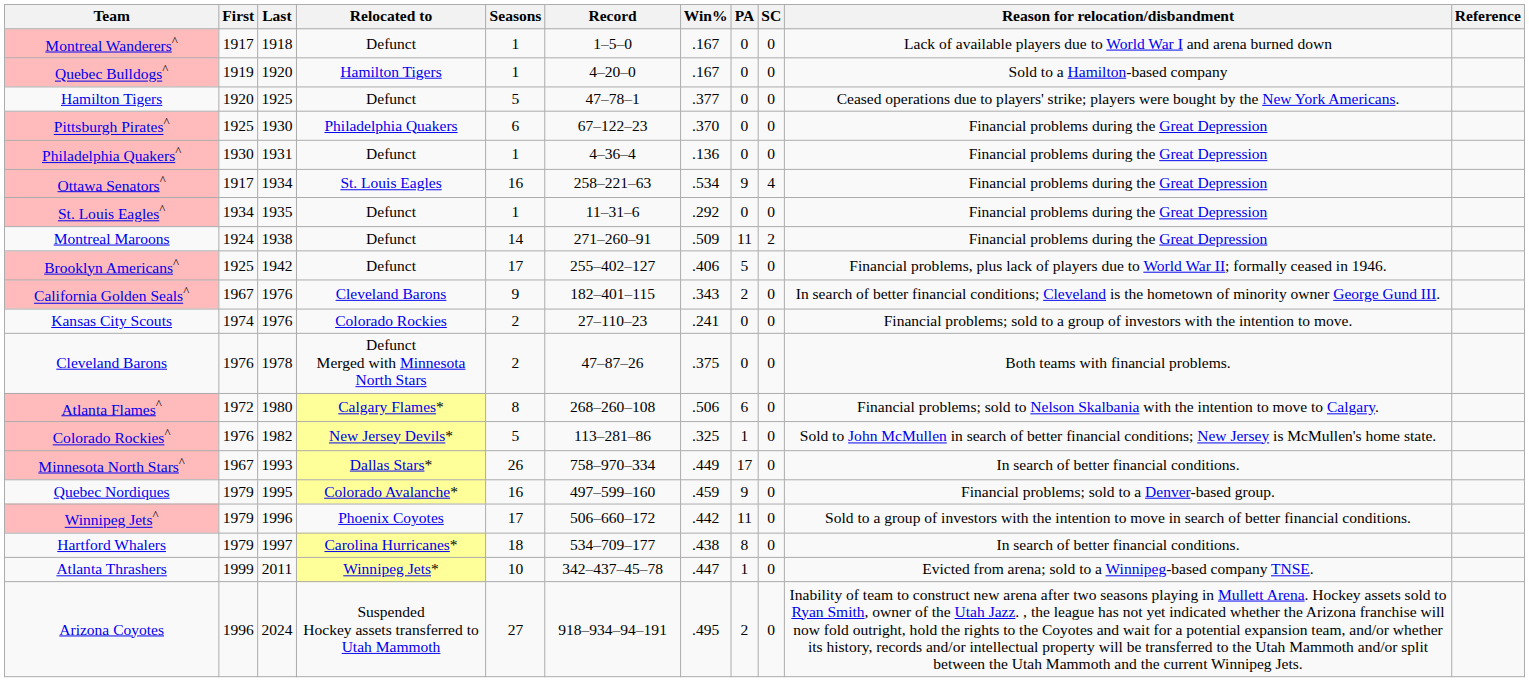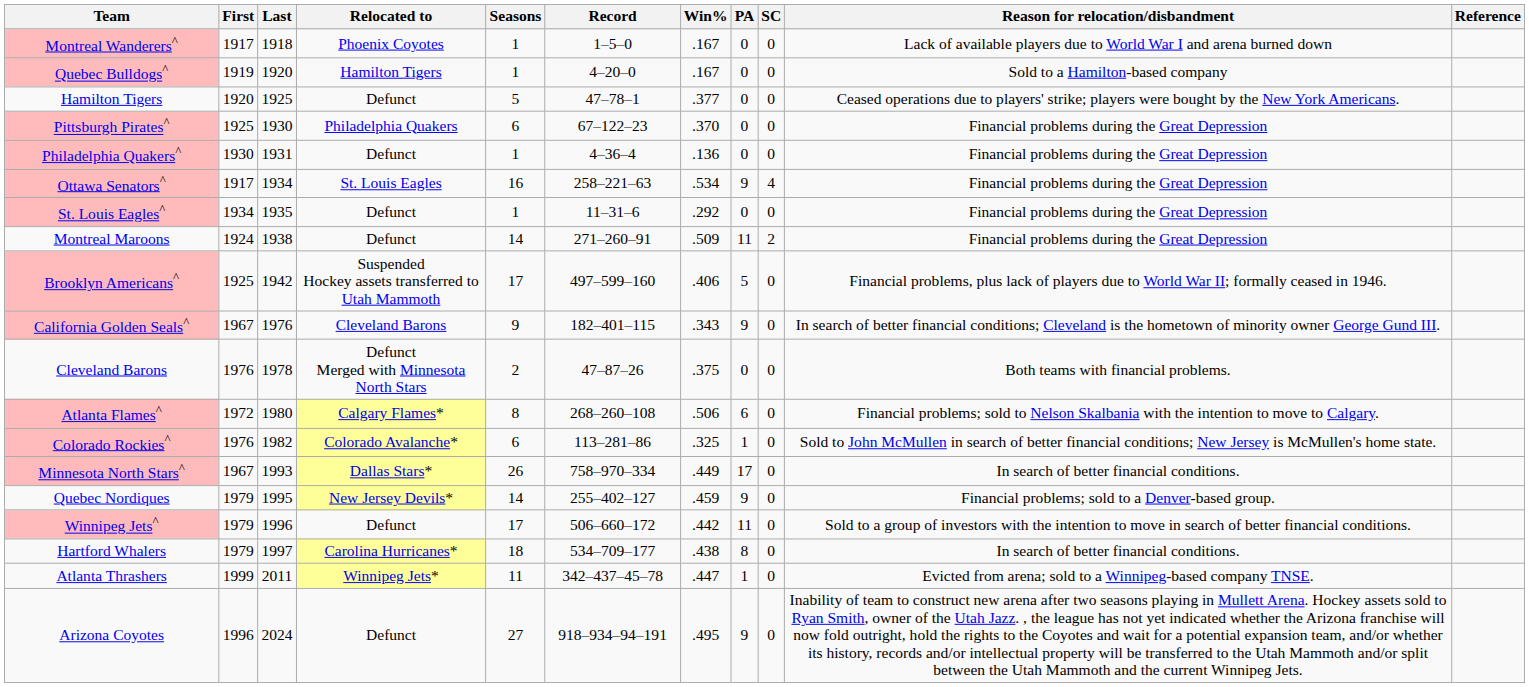 <table class="wikitable sortable" style="text-align:center;">
 <tr style="font-weight:bold; background:#ddd;"|>
 <th width="14.1%">Team</th>
 <th>First</th>
 <th>Last</th>
 <th width="12.5%">Relocated to</th>
 <th>Seasons</th>
 <th width="8.9%">Record</th>
 <th>Win%</th>
 <th>PA</th>
 <th>SC</th>
 <th class=unsortable>Reason for relocation/disbandment</th>
 <th class=unsortable>Reference</th>
 </tr>
 <tr>
 <td style="background:#fbb"><a href='#'>Montreal Wanderers</a><sup>^</sup></td>
 <td>1917</td>
 <td>1918</td>
-<td>Defunct</td>
+<td><a href='#'>Phoenix Coyotes</a></td>
 <td>1</td>
 <td>1–5–0</td>
 <td>.167</td>
 <td>0</td>
 <td>0</td>
 <td>Lack of available players due to <a href='#'>World War I</a> and arena burned down</td>
 <td></td>
 </tr>
 <tr>
 <td style="background:#fbb"><a href='#'>Quebec Bulldogs</a><sup>^</sup></td>
 <td>1919</td>
 <td>1920</td>
 <td><a href='#'>Hamilton Tigers</a></td>
 <td>1</td>
 <td>4–20–0</td>
 <td>.167</td>
 <td>0</td>
 <td>0</td>
 <td>Sold to a <a href='#'>Hamilton</a>-based company</td>
 <td></td>
 </tr>
 <tr>
 <td><a href='#'>Hamilton Tigers</a></td>
 <td>1920</td>
 <td>1925</td>
 <td>Defunct</td>
 <td>5</td>
 <td>47–78–1</td>
 <td>.377</td>
 <td>0</td>
 <td>0</td>
 <td>Ceased operations due to players' strike; players were bought by the <a href='#'>New York Americans</a>.</td>
 <td></td>
 </tr>
 <tr>
 <td style="background:#fbb"><a href='#'>Pittsburgh Pirates</a><sup>^</sup></td>
 <td>1925</td>
 <td>1930</td>
 <td><a href='#'>Philadelphia Quakers</a></td>
 <td>6</td>
 <td>67–122–23</td>
 <td>.370</td>
 <td>0</td>
 <td>0</td>
 <td>Financial problems during the <a href='#'>Great Depression</a></td>
 <td></td>
 </tr>
 <tr>
 <td style="background:#fbb"><a href='#'>Philadelphia Quakers</a><sup>^</sup></td>
 <td>1930</td>
 <td>1931</td>
 <td>Defunct</td>
 <td>1</td>
 <td>4–36–4</td>
 <td>.136</td>
 <td>0</td>
 <td>0</td>
 <td>Financial problems during the <a href='#'>Great Depression</a></td>
 <td></td>
 </tr>
 <tr>
 <td style="background:#fbb"><a href='#'>Ottawa Senators</a><sup>^</sup></td>
 <td>1917</td>
 <td>1934</td>
 <td><a href='#'>St. Louis Eagles</a></td>
 <td>16</td>
 <td>258–221–63</td>
 <td>.534</td>
 <td>9</td>
 <td>4</td>
 <td>Financial problems during the <a href='#'>Great Depression</a></td>
 <td></td>
 </tr>
 <tr>
 <td style="background:#fbb"><a href='#'>St. Louis Eagles</a><sup>^</sup></td>
 <td>1934</td>
 <td>1935</td>
 <td>Defunct</td>
 <td>1</td>
 <td>11–31–6</td>
 <td>.292</td>
 <td>0</td>
 <td>0</td>
 <td>Financial problems during the <a href='#'>Great Depression</a></td>
 <td></td>
 </tr>
 <tr>
 <td><a href='#'>Montreal Maroons</a></td>
 <td>1924</td>
 <td>1938</td>
 <td>Defunct</td>
 <td>14</td>
 <td>271–260–91</td>
 <td>.509</td>
 <td>11</td>
 <td>2</td>
 <td>Financial problems during the <a href='#'>Great Depression</a></td>
 <td></td>
 </tr>
 <tr>
 <td style="background:#fbb"><a href='#'>Brooklyn Americans</a><sup>^</sup></td>
 <td>1925</td>
 <td>1942</td>
-<td>Defunct</td>
+<td>Suspended<br>Hockey assets transferred to <a href='#'>Utah Mammoth</a></td>
 <td>17</td>
-<td>255–402–127</td>
+<td>497–599–160</td>
 <td>.406</td>
 <td>5</td>
 <td>0</td>
 <td>Financial problems, plus lack of players due to <a href='#'>World War II</a>; formally ceased in 1946.</td>
 <td></td>
 </tr>
 <tr>
 <td style="background:#fbb"><a href='#'>California Golden Seals</a><sup>^</sup></td>
 <td>1967</td>
 <td>1976</td>
 <td><a href='#'>Cleveland Barons</a></td>
 <td>9</td>
 <td>182–401–115</td>
 <td>.343</td>
-<td>2</td>
+<td>9</td>
 <td>0</td>
 <td>In search of better financial conditions; <a href='#'>Cleveland</a> is the hometown of minority owner <a href='#'>George Gund III</a>.</td>
-<td></td>
-</tr>
-<tr>
-<td><a href='#'>Kansas City Scouts</a></td>
-<td>1974</td>
-<td>1976</td>
-<td><a href='#'>Colorado Rockies</a></td>
-<td>2</td>
-<td>27–110–23</td>
-<td>.241</td>
-<td>0</td>
-<td>0</td>
-<td>Financial problems; sold to a group of investors with the intention to move.</td>
 <td></td>
 </tr>
 <tr>
 <td><a href='#'>Cleveland Barons</a></td>
 <td>1976</td>
 <td>1978</td>
 <td>Defunct<br>Merged with <a href='#'>Minnesota North Stars</a></td>
 <td>2</td>
 <td>47–87–26</td>
 <td>.375</td>
 <td>0</td>
 <td>0</td>
 <td>Both teams with financial problems.</td>
 <td></td>
 </tr>
 <tr>
 <td style="background:#fbb"><a href='#'>Atlanta Flames</a><sup>^</sup></td>
 <td>1972</td>
 <td>1980</td>
 <td style="background:#ff9;"><a href='#'>Calgary Flames</a>*</td>
 <td>8</td>
 <td>268–260–108</td>
 <td>.506</td>
 <td>6</td>
 <td>0</td>
 <td>Financial problems; sold to <a href='#'>Nelson Skalbania</a> with the intention to move to <a href='#'>Calgary</a>.</td>
 <td></td>
 </tr>
 <tr>
 <td style="background:#fbb"><a href='#'>Colorado Rockies</a><sup>^</sup></td>
 <td>1976</td>
 <td>1982</td>
-<td style="background:#ff9;"><a href='#'>New Jersey Devils</a>*</td>
-<td>5</td>
+<td style="background:#ff9;"><a href='#'>Colorado Avalanche</a>*</td>
+<td>6</td>
 <td>113–281–86</td>
 <td>.325</td>
 <td>1</td>
 <td>0</td>
 <td>Sold to <a href='#'>John McMullen</a> in search of better financial conditions; <a href='#'>New Jersey</a> is McMullen's home state.</td>
 <td></td>
 </tr>
 <tr>
 <td style="background:#fbb"><a href='#'>Minnesota North Stars</a><sup>^</sup></td>
 <td>1967</td>
 <td>1993</td>
 <td style="background:#ff9;"><a href='#'>Dallas Stars</a>*</td>
 <td>26</td>
 <td>758–970–334</td>
 <td>.449</td>
 <td>17</td>
 <td>0</td>
 <td>In search of better financial conditions.</td>
 <td></td>
 </tr>
 <tr>
 <td><a href='#'>Quebec Nordiques</a></td>
 <td>1979</td>
 <td>1995</td>
-<td style="background:#ff9;"><a href='#'>Colorado Avalanche</a>*</td>
-<td>16</td>
-<td>497–599–160</td>
+<td style="background:#ff9;"><a href='#'>New Jersey Devils</a>*</td>
+<td>14</td>
+<td>255–402–127</td>
 <td>.459</td>
 <td>9</td>
 <td>0</td>
 <td>Financial problems; sold to a <a href='#'>Denver</a>-based group.</td>
 <td></td>
 </tr>
 <tr>
 <td style="background:#fbb"><a href='#'>Winnipeg Jets</a><sup>^</sup></td>
 <td>1979</td>
 <td>1996</td>
-<td><a href='#'>Phoenix Coyotes</a></td>
+<td>Defunct</td>
 <td>17</td>
 <td>506–660–172</td>
 <td>.442</td>
 <td>11</td>
 <td>0</td>
 <td>Sold to a group of investors with the intention to move in search of better financial conditions.</td>
 <td></td>
 </tr>
 <tr>
 <td><a href='#'>Hartford Whalers</a></td>
 <td>1979</td>
 <td>1997</td>
 <td style="background:#ff9;"><a href='#'>Carolina Hurricanes</a>*</td>
 <td>18</td>
 <td>534–709–177</td>
 <td>.438</td>
 <td>8</td>
 <td>0</td>
 <td>In search of better financial conditions.</td>
 <td></td>
 </tr>
 <tr>
 <td><a href='#'>Atlanta Thrashers</a></td>
 <td>1999</td>
 <td>2011</td>
 <td style="background:#ff9;"><a href='#'>Winnipeg Jets</a>*</td>
-<td>10</td>
+<td>11</td>
 <td>342–437–45–78</td>
 <td>.447</td>
 <td>1</td>
 <td>0</td>
 <td>Evicted from arena; sold to a <a href='#'>Winnipeg</a>-based company <a href='#'>TNSE</a>.</td>
 <td></td>
 </tr>
 <tr>
 <td><a href='#'>Arizona Coyotes</a></td>
 <td>1996</td>
 <td>2024</td>
-<td>Suspended<br>Hockey assets transferred to <a href='#'>Utah Mammoth</a></td>
+<td>Defunct</td>
 <td>27</td>
 <td>918–934–94–191</td>
 <td>.495</td>
-<td>2</td>
+<td>9</td>
 <td>0</td>
 <td>Inability of team to construct new arena after two seasons playing in <a href='#'>Mullett Arena</a>. Hockey assets sold to <a href='#'>Ryan Smith</a>, owner of the <a href='#'>Utah Jazz</a>. , the league has not yet indicated whether the Arizona franchise will now fold outright, hold the rights to the Coyotes and wait for a potential expansion team, and/or whether its history, records and/or intellectual property will be transferred to the Utah Mammoth and/or split between the Utah Mammoth and the current Winnipeg Jets.</td>
 <td></td>
 </tr>
 </table>
